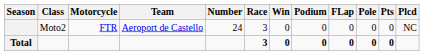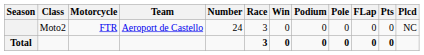 <table class="wikitable" style=text-align:right>
 <tr>
 <th>Season</th>
 <th>Class</th>
 <th>Motorcycle</th>
 <th>Team</th>
 <th>Number</th>
 <th>Race</th>
 <th>Win</th>
 <th>Podium</th>
+<th>Pole</th>
 <th>FLap</th>
-<th>Pole</th>
 <th>Pts</th>
 <th>Plcd</th>
 </tr>
 <tr>
 <th></th>
 <td>Moto2</td>
 <td><a href='#'>FTR</a></td>
 <td><a href='#'>Aeroport de Castello</a></td>
 <td>24</td>
 <td>3</td>
 <td>0</td>
 <td>0</td>
 <td>0</td>
 <td>0</td>
 <td>0</td>
 <td>NC</td>
 </tr>
 <tr>
 <th>Total</th>
 <td></td>
 <td></td>
 <td></td>
 <td></td>
 <td><strong>3</strong></td>
 <td><strong>0</strong></td>
 <td><strong>0</strong></td>
 <td><strong>0</strong></td>
 <td><strong>0</strong></td>
 <td><strong>0</strong></td>
 <td></td>
 </tr>
 </table>
